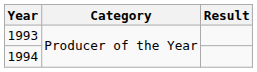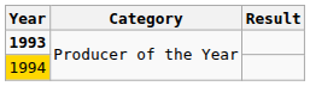 <table class="wikitable">
 <tr>
 <th>Year</th>
 <th>Category</th>
 <th>Result</th>
 </tr>
 <tr>
-<td rowspan="1">1993</td>
+<td rowspan="1"><strong>1993</strong></td>
 <td rowspan="2">Producer of the Year</td>
 <td></td>
 </tr>
 <tr>
-<td rowspan="1">1994</td>
+<td rowspan="1" style="background: gold;">1994</td>
 <td></td>
 </tr>
 </table>
